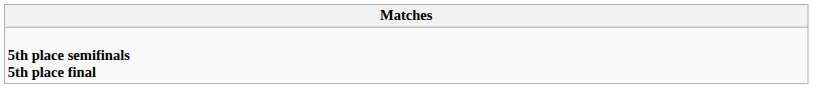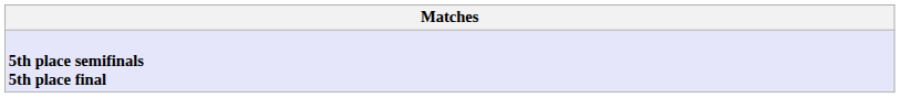 <table class="wikitable collapsible collapsed" style="width:100%;">
 <tr>
 <th>Matches</th>
 </tr>
 <tr>
-<td><br><strong>5th place semifinals</strong>  <br><strong>5th place final</strong> </td>
+<td style="background: lavender;"><br><strong>5th place semifinals</strong>  <br><strong>5th place final</strong> </td>
 </tr>
 </table>
